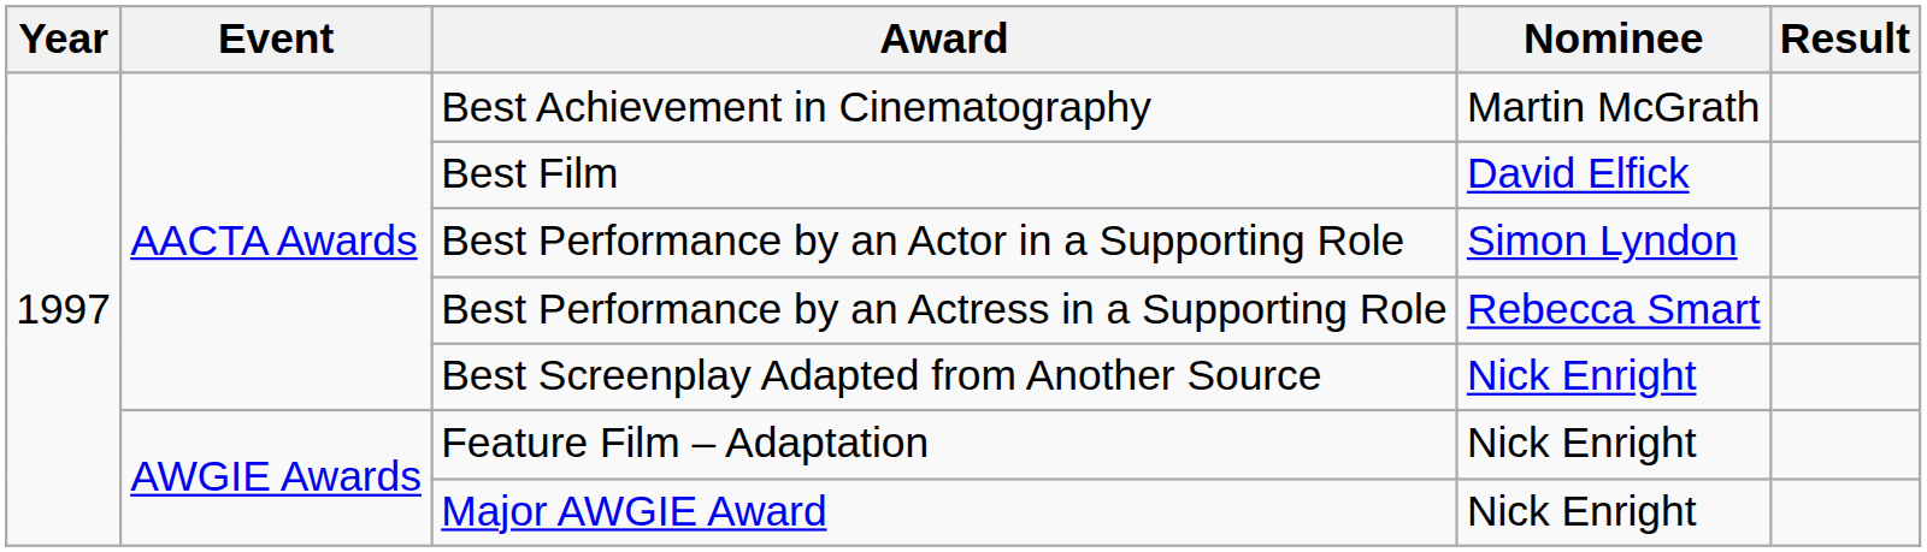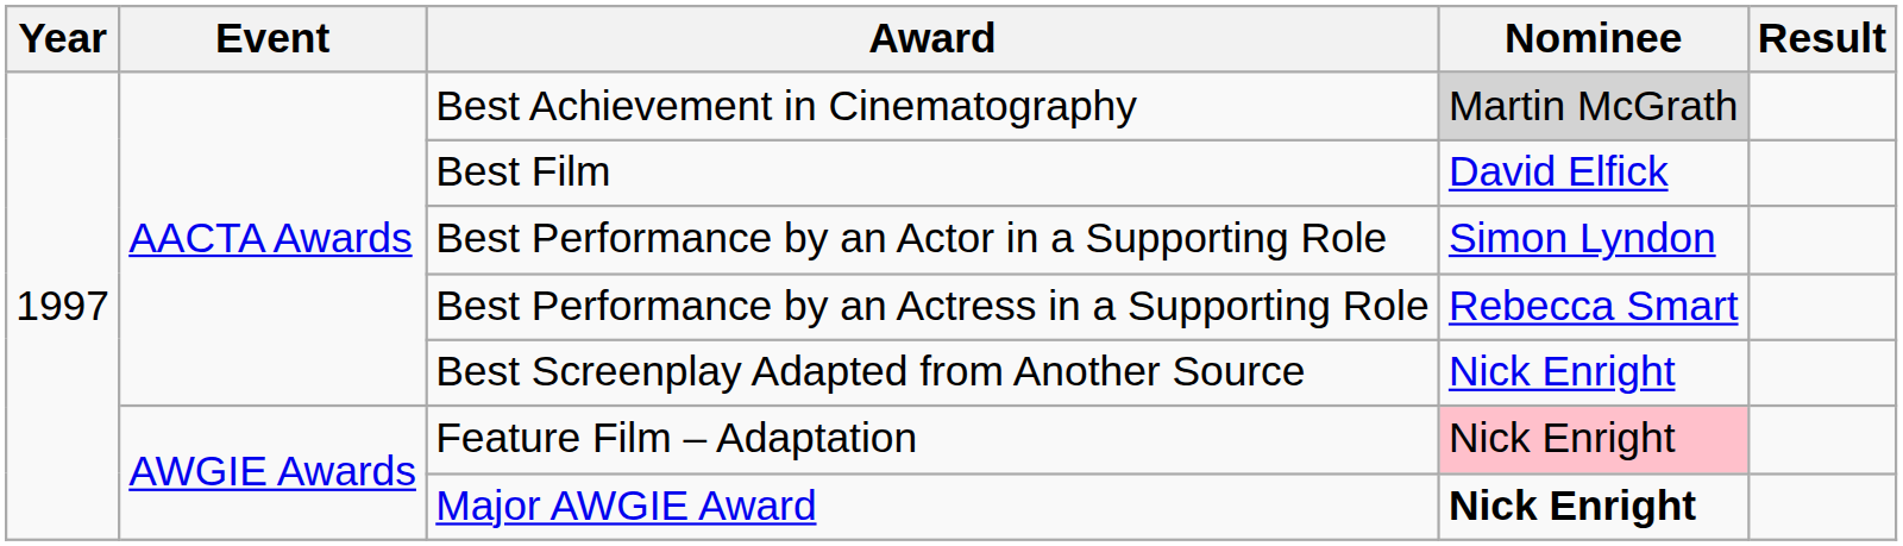 <table class="wikitable">
 <tr>
 <th>Year</th>
 <th>Event</th>
 <th>Award</th>
 <th>Nominee</th>
 <th>Result</th>
 </tr>
 <tr>
 <td rowspan=7>1997</td>
 <td rowspan=5><a href='#'>AACTA Awards</a></td>
 <td>Best Achievement in Cinematography</td>
-<td>Martin McGrath</td>
+<td style="background: lightgrey;">Martin McGrath</td>
 <td></td>
 </tr>
 <tr>
 <td>Best Film</td>
 <td><a href='#'>David Elfick</a></td>
 <td></td>
 </tr>
 <tr>
 <td>Best Performance by an Actor in a Supporting Role</td>
 <td><a href='#'>Simon Lyndon</a></td>
 <td></td>
 </tr>
 <tr>
 <td>Best Performance by an Actress in a Supporting Role</td>
 <td><a href='#'>Rebecca Smart</a></td>
 <td></td>
 </tr>
 <tr>
 <td>Best Screenplay Adapted from Another Source</td>
 <td><a href='#'>Nick Enright</a></td>
 <td></td>
 </tr>
 <tr>
 <td rowspan=2><a href='#'>AWGIE Awards</a></td>
 <td>Feature Film – Adaptation</td>
-<td>Nick Enright</td>
+<td style="background: pink;">Nick Enright</td>
 <td></td>
 </tr>
 <tr>
 <td><a href='#'>Major AWGIE Award</a></td>
-<td>Nick Enright</td>
+<td><strong>Nick Enright</strong></td>
 <td></td>
 </tr>
 </table>
